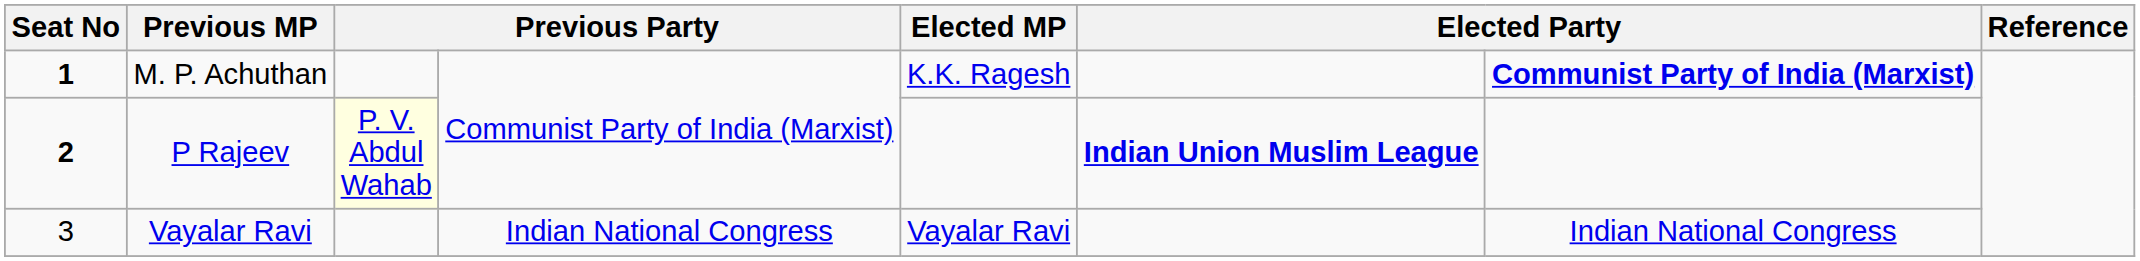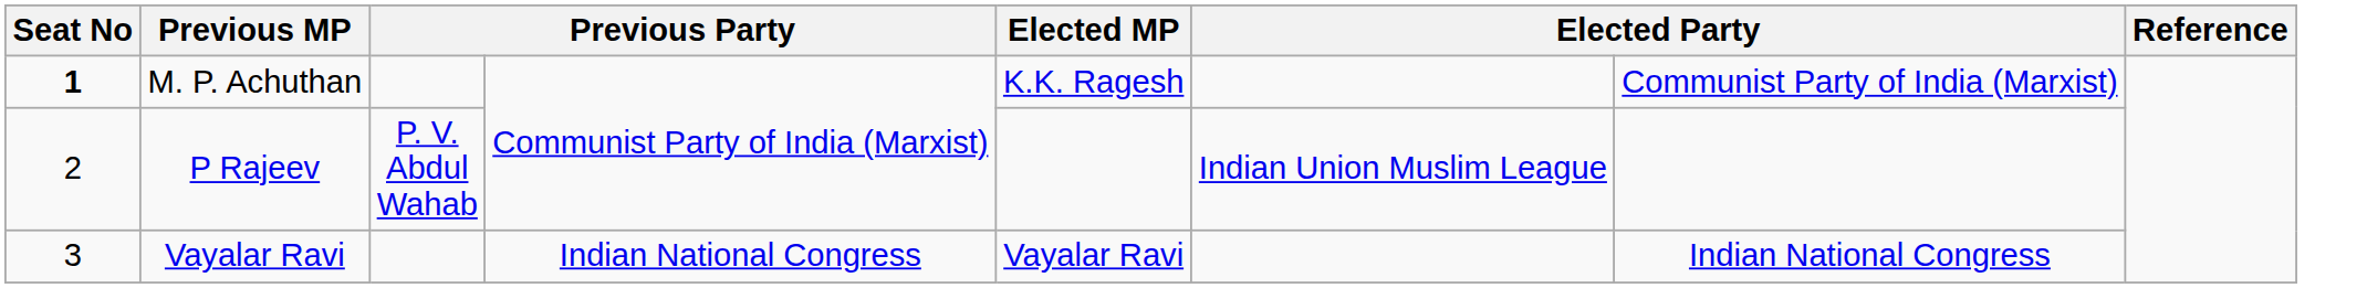 <table class="wikitable">
 <tr>
 <th>Seat No</th>
 <th>Previous MP</th>
 <th colspan=2>Previous Party</th>
 <th>Elected MP</th>
 <th colspan=2>Elected Party</th>
 <th>Reference</th>
 </tr>
 <tr style="text-align:center;">
 <td><strong>1</strong></td>
 <td>M. P. Achuthan</td>
 <td width="1px"></td>
 <td rowspan="2"><a href='#'>Communist Party of India (Marxist)</a></td>
 <td><a href='#'>K.K. Ragesh</a></td>
 <td></td>
-<td><strong><a href='#'>Communist Party of India (Marxist)</a></strong></td>
+<td><a href='#'>Communist Party of India (Marxist)</a></td>
 <td rowspan=3></td>
 </tr>
 <tr style="text-align:center;">
-<td><strong>2</strong></td>
+<td>2</td>
 <td><a href='#'>P Rajeev</a></td>
-<td style="background: lightyellow;"><a href='#'>P. V. Abdul Wahab</a></td>
+<td><a href='#'>P. V. Abdul Wahab</a></td>
 <td></td>
-<td><strong><a href='#'>Indian Union Muslim League</a></strong></td>
+<td><a href='#'>Indian Union Muslim League</a></td>
 </tr>
 <tr style="text-align:center;">
 <td>3</td>
 <td><a href='#'>Vayalar Ravi</a></td>
 <td></td>
 <td><a href='#'>Indian National Congress</a></td>
 <td><a href='#'>Vayalar Ravi</a></td>
 <td></td>
 <td><a href='#'>Indian National Congress</a></td>
 </tr>
 </table>
